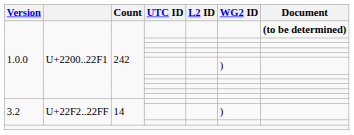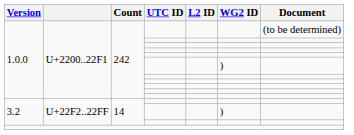 <table class="wikitable sticky-header">
 <tr>
 <th><a href='#'>Version</a></th>
 <th></th>
 <th>Count</th>
 <th><a href='#'>UTC</a> ID</th>
 <th><a href='#'>L2</a> ID</th>
 <th><a href='#'>WG2</a> ID</th>
 <th>Document</th>
 </tr>
 <tr>
 <td rowspan="11">1.0.0</td>
 <td rowspan="11">U+2200..22F1</td>
 <td rowspan="11">242</td>
 <td></td>
 <td></td>
 <td></td>
-<td><strong>(to be determined)</strong></td>
+<td>(to be determined)</td>
 </tr>
 <tr>
 <td></td>
 <td></td>
 <td></td>
 <td></td>
 </tr>
 <tr>
 <td></td>
 <td></td>
 <td></td>
 <td></td>
 </tr>
 <tr>
 <td></td>
 <td></td>
 <td></td>
 <td></td>
 </tr>
 <tr>
 <td></td>
 <td></td>
 <td></td>
 <td></td>
 </tr>
 <tr>
 <td></td>
 <td></td>
 <td> )</td>
 <td></td>
 </tr>
 <tr>
 <td></td>
 <td></td>
 <td></td>
 <td></td>
 </tr>
 <tr>
 <td></td>
 <td></td>
 <td></td>
 <td></td>
 </tr>
 <tr>
 <td></td>
 <td></td>
 <td></td>
 <td></td>
 </tr>
 <tr>
 <td></td>
 <td></td>
 <td></td>
 <td></td>
 </tr>
 <tr>
 <td></td>
 <td></td>
 <td></td>
 <td></td>
 </tr>
 <tr>
 <td rowspan="3">3.2</td>
 <td rowspan="3">U+22F2..22FF</td>
 <td rowspan="3">14</td>
 <td></td>
 <td></td>
 <td></td>
 <td></td>
 </tr>
 <tr>
 <td></td>
 <td></td>
 <td> )</td>
 <td></td>
 </tr>
 <tr>
 <td></td>
 <td></td>
 <td></td>
 <td></td>
 </tr>
 <tr class="sortbottom">
 <td colspan="7"></td>
 </tr>
 </table>
